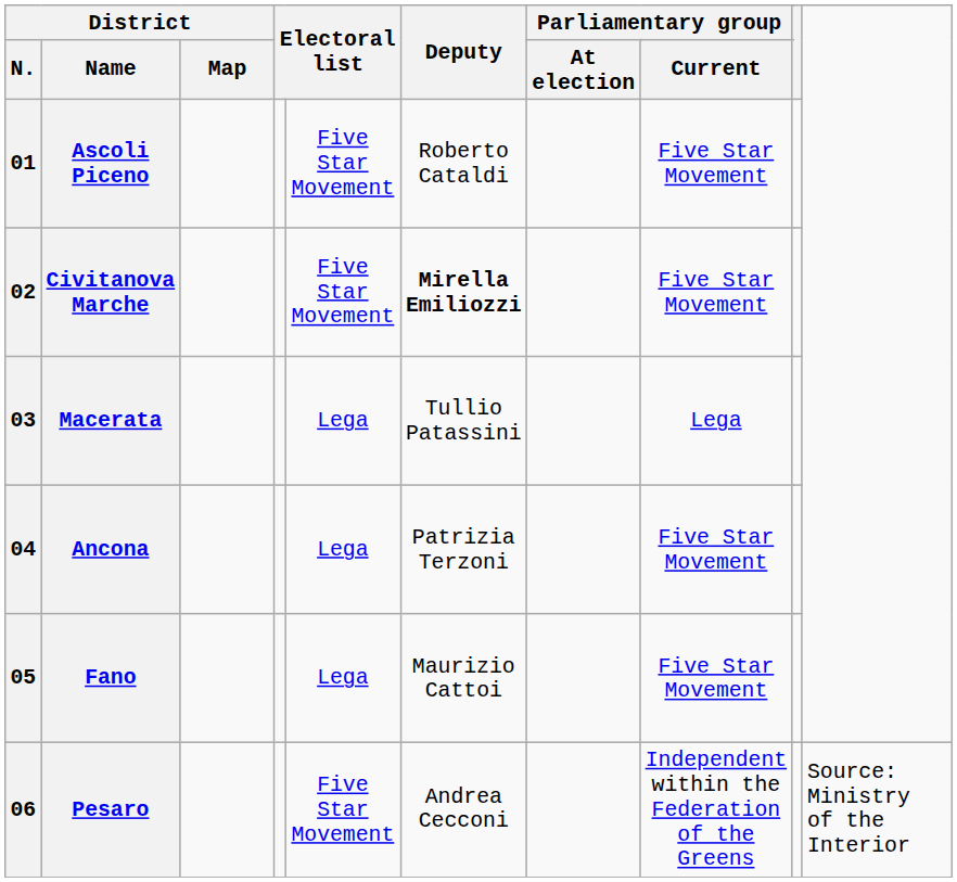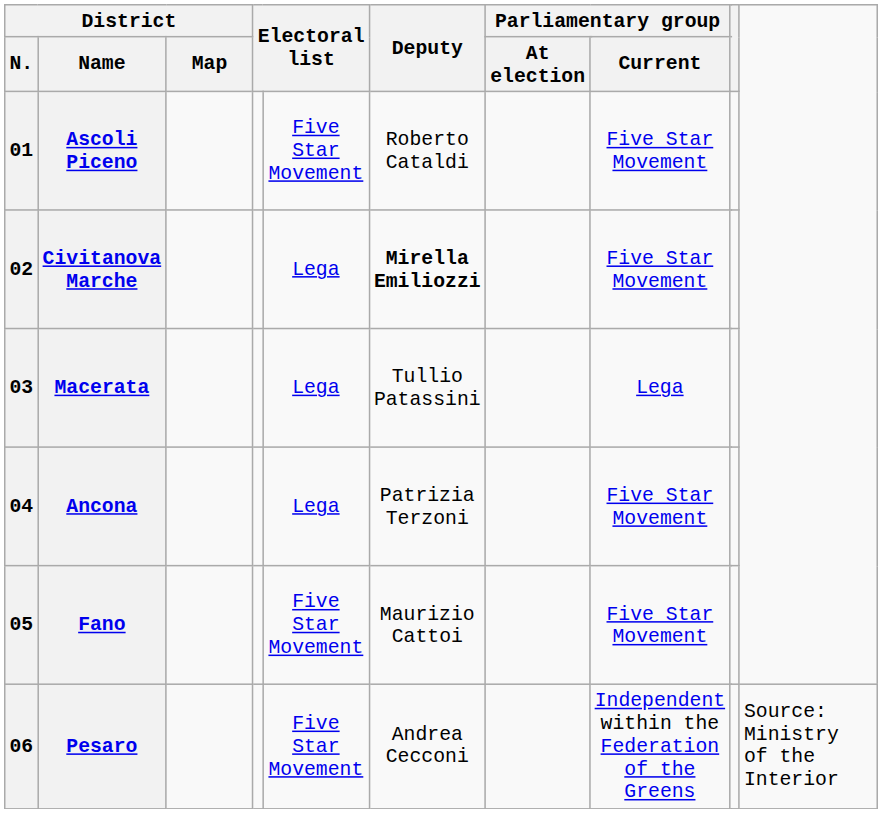 <table class="wikitable" style="text-align:center; style="width=65%">
 <tr>
 <th width=20% colspan="3">District</th>
 <th width=12% colspan="2" rowspan="2">Electoral list</th>
 <th width=12% rowspan="2">Deputy</th>
 <th width=24% colspan="4">Parliamentary group</th>
 <th width=1% rowspan="2"></th>
 </tr>
 <tr>
 <th width=1%>N.</th>
 <th width=10%>Name</th>
 <th width=10%>Map</th>
 <th width=12% colspan="2">At election</th>
 <th width=12% colspan="2">Current</th>
 </tr>
 <tr style="height:6em;">
 <th>01</th>
 <th><a href='#'>Ascoli Piceno</a></th>
 <td></td>
 <td style="background:"></td>
 <td><a href='#'>Five Star Movement</a></td>
 <td>Roberto Cataldi</td>
 <td style="background:"></td>
 <td colspan=3><a href='#'>Five Star Movement</a></td>
 <td></td>
 </tr>
 <tr style="height:6em;">
 <th>02</th>
 <th><a href='#'>Civitanova Marche</a></th>
 <td></td>
 <td style="background:"></td>
-<td><a href='#'>Five Star Movement</a></td>
+<td><a href='#'>Lega</a></td>
 <td><strong>Mirella Emiliozzi</strong></td>
 <td style="background:"></td>
 <td colspan=3><a href='#'>Five Star Movement</a></td>
 <td></td>
 </tr>
 <tr style="height:6em;">
 <th>03</th>
 <th><a href='#'>Macerata</a></th>
 <td></td>
 <td style="background:"></td>
 <td><a href='#'>Lega</a></td>
 <td>Tullio Patassini</td>
 <td style="background:"></td>
 <td colspan=3><a href='#'>Lega</a></td>
 <td></td>
 </tr>
 <tr style="height:6em;">
 <th>04</th>
 <th><a href='#'>Ancona</a></th>
 <td></td>
 <td style="background:"></td>
 <td><a href='#'>Lega</a></td>
 <td>Patrizia Terzoni</td>
 <td style="background:"></td>
 <td colspan=3><a href='#'>Five Star Movement</a></td>
 <td></td>
 </tr>
 <tr style="height:6em;">
 <th>05</th>
 <th><a href='#'>Fano</a></th>
 <td></td>
 <td style="background:"></td>
-<td><a href='#'>Lega</a></td>
+<td><a href='#'>Five Star Movement</a></td>
 <td>Maurizio Cattoi</td>
 <td style="background:"></td>
 <td colspan=3><a href='#'>Five Star Movement</a></td>
 <td></td>
 </tr>
 <tr style="height:6em;">
 <th>06</th>
 <th><a href='#'>Pesaro</a></th>
 <td></td>
 <td style="background:"></td>
 <td><a href='#'>Five Star Movement</a></td>
 <td>Andrea Cecconi</td>
 <td style="background:"></td>
 <td colspan=3><a href='#'>Independent</a> within the <a href='#'>Federation of the Greens</a></td>
 <td></td>
 <td style="text-align:left;" colspan="11">Source: Ministry of the Interior</td>
 </tr>
 </table>
